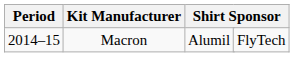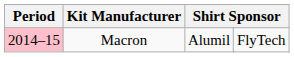 <table class="wikitable" style="text-align:center;">
 <tr>
 <th>Period</th>
 <th colspan=2>Kit Manufacturer</th>
 <th colspan=4>Shirt Sponsor</th>
 </tr>
 <tr>
-<td>2014–15</td>
+<td style="background: pink;">2014–15</td>
 <td colspan=2>Macron</td>
 <td colspan=2>Alumil</td>
 <td colspan=2>FlyTech</td>
 </tr>
 </table>
